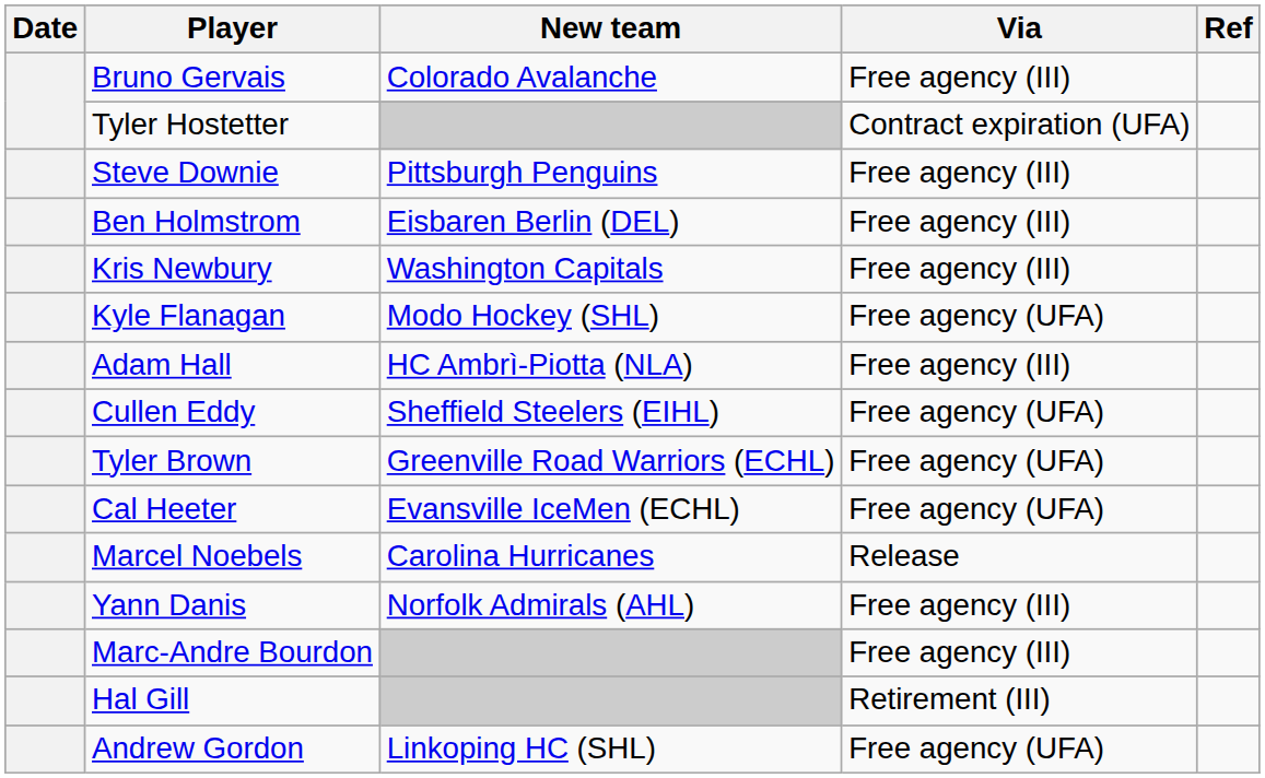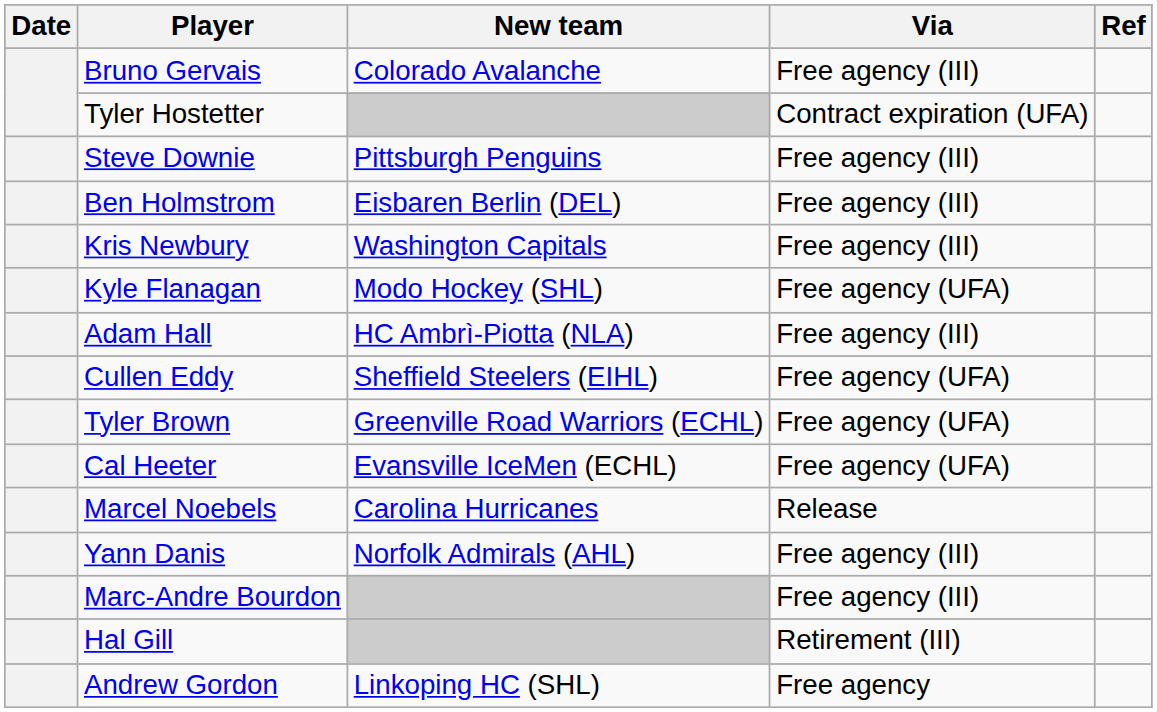 <table class="wikitable plainrowheaders">
 <tr style="background:#ddd; text-align:center;">
 <th>Date</th>
 <th>Player</th>
 <th>New team</th>
 <th>Via</th>
 <th>Ref</th>
 </tr>
 <tr>
 <th scope="row" rowspan=2></th>
 <td><a href='#'>Bruno Gervais</a></td>
 <td><a href='#'>Colorado Avalanche</a></td>
 <td>Free agency (III)</td>
 <td></td>
 </tr>
 <tr>
 <td>Tyler Hostetter</td>
 <td style="background:#ccc"></td>
 <td>Contract expiration (UFA)</td>
 <td></td>
 </tr>
 <tr>
 <th scope="row"></th>
 <td><a href='#'>Steve Downie</a></td>
 <td><a href='#'>Pittsburgh Penguins</a></td>
 <td>Free agency (III)</td>
 <td></td>
 </tr>
 <tr>
 <th scope="row"></th>
 <td><a href='#'>Ben Holmstrom</a></td>
 <td><a href='#'>Eisbaren Berlin</a> (<a href='#'>DEL</a>)</td>
 <td>Free agency (III)</td>
 <td></td>
 </tr>
 <tr>
 <th scope="row"></th>
 <td><a href='#'>Kris Newbury</a></td>
 <td><a href='#'>Washington Capitals</a></td>
 <td>Free agency (III)</td>
 <td></td>
 </tr>
 <tr>
 <th scope="row"></th>
 <td><a href='#'>Kyle Flanagan</a></td>
 <td><a href='#'>Modo Hockey</a> (<a href='#'>SHL</a>)</td>
 <td>Free agency (UFA)</td>
 <td></td>
 </tr>
 <tr>
 <th scope="row"></th>
 <td><a href='#'>Adam Hall</a></td>
 <td><a href='#'>HC Ambrì-Piotta</a> (<a href='#'>NLA</a>)</td>
 <td>Free agency (III)</td>
 <td></td>
 </tr>
 <tr>
 <th scope="row"></th>
 <td><a href='#'>Cullen Eddy</a></td>
 <td><a href='#'>Sheffield Steelers</a> (<a href='#'>EIHL</a>)</td>
 <td>Free agency (UFA)</td>
 <td></td>
 </tr>
 <tr>
 <th scope="row"></th>
 <td><a href='#'>Tyler Brown</a></td>
 <td><a href='#'>Greenville Road Warriors</a> (<a href='#'>ECHL</a>)</td>
 <td>Free agency (UFA)</td>
 <td></td>
 </tr>
 <tr>
 <th scope="row"></th>
 <td><a href='#'>Cal Heeter</a></td>
 <td><a href='#'>Evansville IceMen</a> (ECHL)</td>
 <td>Free agency (UFA)</td>
 <td></td>
 </tr>
 <tr>
 <th scope="row"></th>
 <td><a href='#'>Marcel Noebels</a></td>
 <td><a href='#'>Carolina Hurricanes</a></td>
 <td>Release</td>
 <td></td>
 </tr>
 <tr>
 <th scope="row"></th>
 <td><a href='#'>Yann Danis</a></td>
 <td><a href='#'>Norfolk Admirals</a> (<a href='#'>AHL</a>)</td>
 <td>Free agency (III)</td>
 <td></td>
 </tr>
 <tr>
 <th scope="row"></th>
 <td><a href='#'>Marc-Andre Bourdon</a></td>
 <td style="background:#ccc"></td>
 <td>Free agency (III)</td>
 <td></td>
 </tr>
 <tr>
 <th scope="row"></th>
 <td><a href='#'>Hal Gill</a></td>
 <td style="background:#ccc"></td>
 <td>Retirement (III)</td>
 <td></td>
 </tr>
 <tr>
 <th scope="row"></th>
 <td><a href='#'>Andrew Gordon</a></td>
 <td><a href='#'>Linkoping HC</a> (SHL)</td>
-<td>Free agency (UFA)</td>
+<td>Free agency</td>
 <td></td>
 </tr>
 </table>
